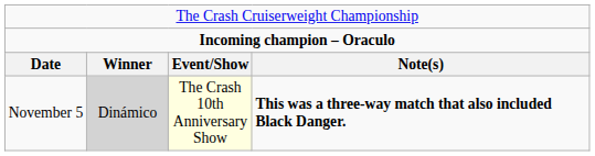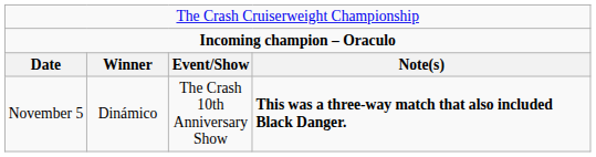 <table class="wikitable" style="text-align:center; width:100%;">
 <tr>
 <td colspan="4" style="text-align: center;"><a href='#'>The Crash Cruiserweight Championship</a></td>
 </tr>
 <tr>
 <td colspan="4" style="text-align: center;"><strong>Incoming champion – Oraculo</strong></td>
 </tr>
 <tr>
 <th width=14%>Date</th>
 <th width=14%>Winner</th>
 <th width=14%>Event/Show</th>
 <th width=58%>Note(s)</th>
 </tr>
 <tr>
 <td>November 5</td>
-<td style="background: lightgrey;">Dinámico</td>
-<td style="background: lightyellow;">The Crash 10th Anniversary Show</td>
+<td>Dinámico</td>
+<td>The Crash 10th Anniversary Show</td>
 <td align=left><strong>This was a three-way match that also included Black Danger.</strong></td>
 </tr>
 </table>
